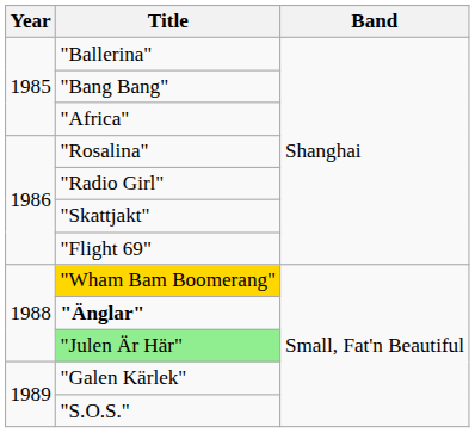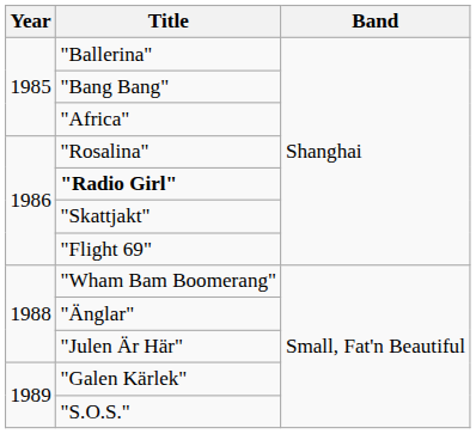 <table class="wikitable">
 <tr>
 <th>Year</th>
 <th>Title</th>
 <th>Band</th>
 </tr>
 <tr>
 <td rowspan="3">1985</td>
 <td>"Ballerina"</td>
 <td rowspan="7">Shanghai</td>
 </tr>
 <tr>
 <td>"Bang Bang"</td>
 </tr>
 <tr>
 <td>"Africa"</td>
 </tr>
 <tr>
 <td rowspan="4">1986</td>
 <td>"Rosalina"</td>
 </tr>
 <tr>
-<td>"Radio Girl"</td>
+<td><strong>"Radio Girl"</strong></td>
 </tr>
 <tr>
 <td>"Skattjakt"</td>
 </tr>
 <tr>
 <td>"Flight 69"</td>
 </tr>
 <tr>
 <td rowspan="3">1988</td>
-<td style="background: gold;">"Wham Bam Boomerang"</td>
+<td>"Wham Bam Boomerang"</td>
 <td rowspan="5">Small, Fat'n Beautiful</td>
 </tr>
 <tr>
-<td><strong>"Änglar"</strong></td>
+<td>"Änglar"</td>
 </tr>
 <tr>
-<td style="background: lightgreen;">"Julen Är Här"</td>
+<td>"Julen Är Här"</td>
 </tr>
 <tr>
 <td rowspan="2">1989</td>
 <td>"Galen Kärlek"</td>
 </tr>
 <tr>
 <td>"S.O.S."</td>
 </tr>
 </table>
